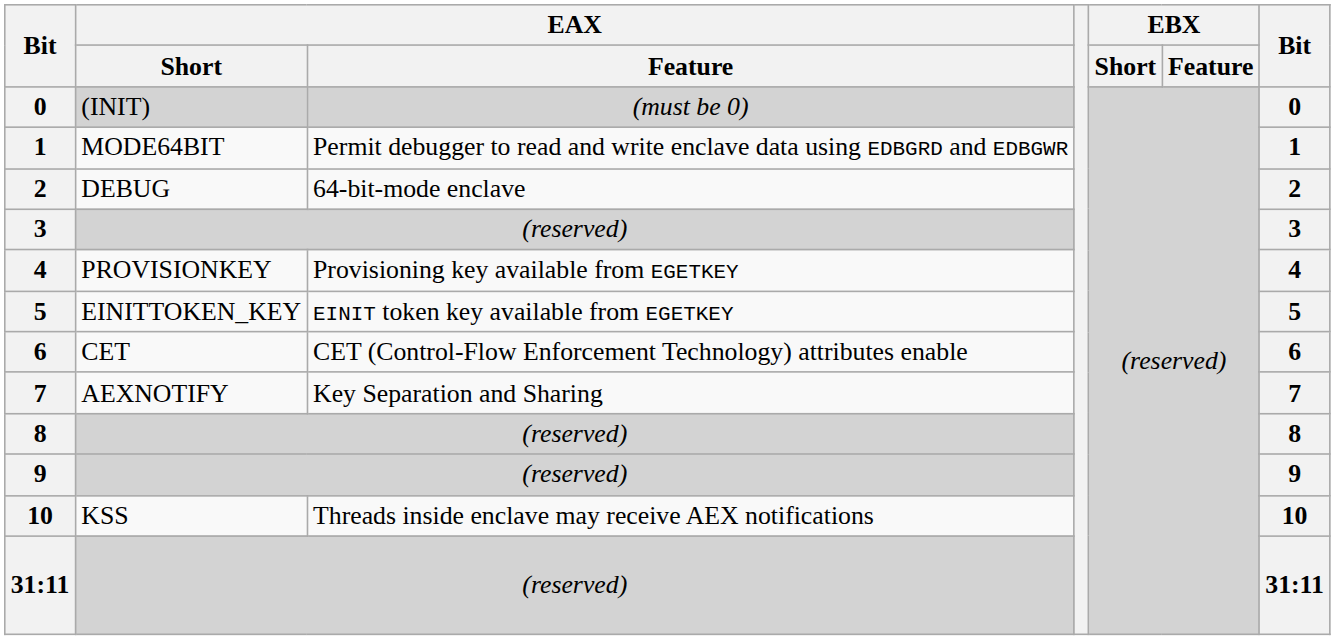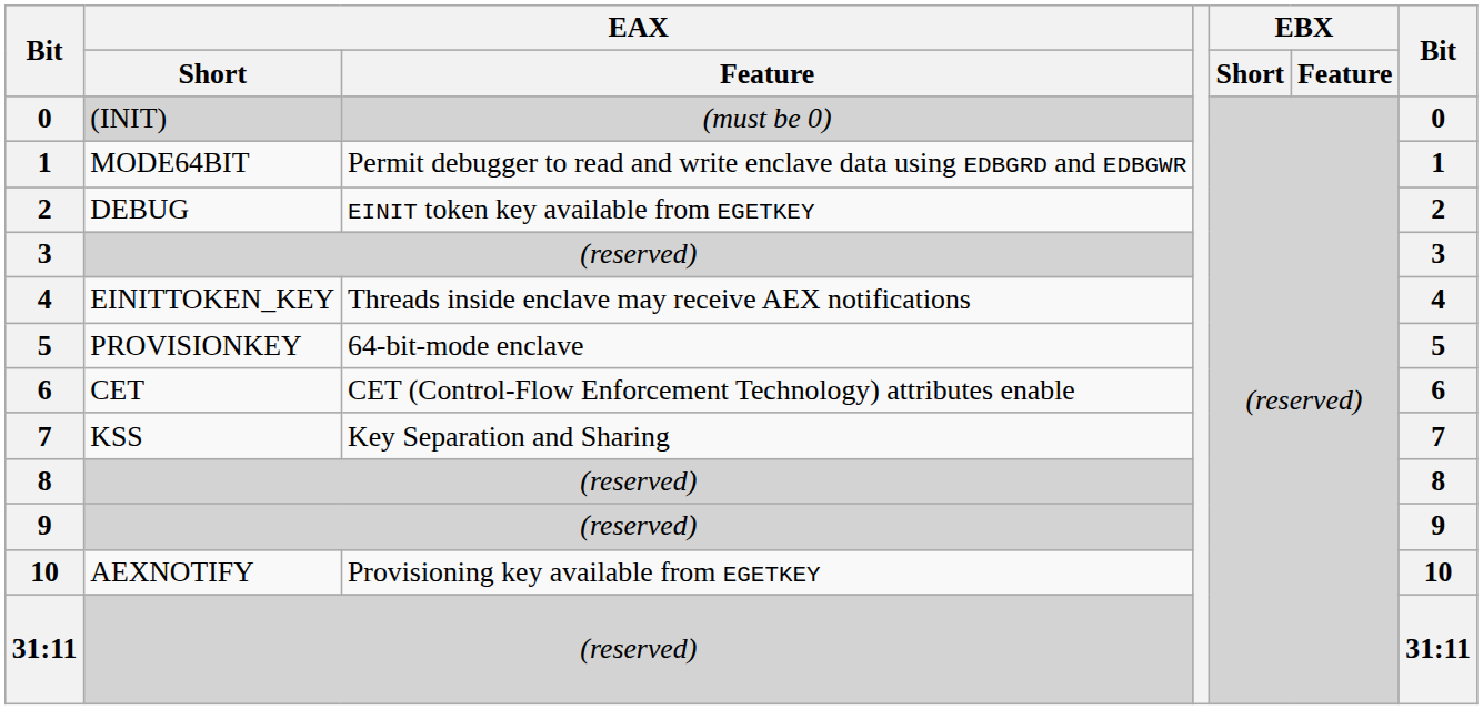 <table class="wikitable">
 <tr>
 <th rowspan=2>Bit</th>
 <th colspan=2>EAX</th>
 <th scope="col" style="width: 0.5em; border-spacing:0; padding:0px" rowspan="14"></th>
 <th colspan=2>EBX</th>
 <th rowspan=2>Bit</th>
 </tr>
 <tr>
 <th>Short</th>
 <th>Feature</th>
 <th>Short</th>
 <th>Feature</th>
 </tr>
 <tr>
 <th>0</th>
 <td style="background:lightgrey">(INIT)</td>
 <td style="text-align:center; background:lightgrey;"><em>(must be 0)</em></td>
 <td rowspan=12 colspan=2 style="text-align:center; background:lightgrey;"><em>(reserved)</em></td>
 <th>0</th>
 </tr>
 <tr>
 <th>1</th>
 <td>MODE64BIT</td>
 <td>Permit debugger to read and write enclave data using <code>EDBGRD</code> and <code>EDBGWR</code></td>
 <th>1</th>
 </tr>
 <tr>
 <th>2</th>
 <td>DEBUG</td>
-<td>64-bit-mode enclave</td>
+<td><code>EINIT</code> token key available from <code>EGETKEY</code></td>
 <th>2</th>
 </tr>
 <tr>
 <th>3</th>
 <td colspan="2" style="text-align:center; background:lightgrey;"><em>(reserved)</em></td>
 <th>3</th>
 </tr>
 <tr>
 <th>4</th>
-<td>PROVISIONKEY</td>
-<td>Provisioning key available from <code>EGETKEY</code></td>
+<td>EINITTOKEN_KEY</td>
+<td>Threads inside enclave may receive AEX notifications</td>
 <th>4</th>
 </tr>
 <tr>
 <th>5</th>
-<td>EINITTOKEN_KEY</td>
-<td><code>EINIT</code> token key available from <code>EGETKEY</code></td>
+<td>PROVISIONKEY</td>
+<td>64-bit-mode enclave</td>
 <th>5</th>
 </tr>
 <tr>
 <th>6</th>
 <td>CET</td>
 <td>CET (Control-Flow Enforcement Technology) attributes enable</td>
 <th>6</th>
 </tr>
 <tr>
 <th>7</th>
-<td>AEXNOTIFY</td>
+<td>KSS</td>
 <td>Key Separation and Sharing</td>
 <th>7</th>
 </tr>
 <tr>
 <th>8</th>
 <td colspan="2" style="text-align:center; background:lightgrey;"><em>(reserved)</em></td>
 <th>8</th>
 </tr>
 <tr>
 <th>9</th>
 <td colspan="2" style="text-align:center; background:lightgrey;"><em>(reserved)</em></td>
 <th>9</th>
 </tr>
 <tr>
 <th>10</th>
-<td>KSS</td>
-<td>Threads inside enclave may receive AEX notifications</td>
+<td>AEXNOTIFY</td>
+<td>Provisioning key available from <code>EGETKEY</code></td>
 <th>10</th>
 </tr>
 <tr>
 <th><br>31:11<br> </th>
 <td colspan="2" style="text-align:center; background:lightgrey;"><em>(reserved)</em></td>
 <th><br>31:11<br> </th>
 </tr>
 </table>
